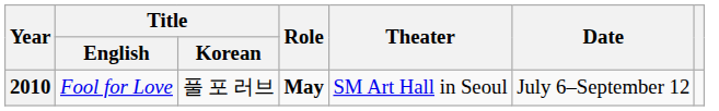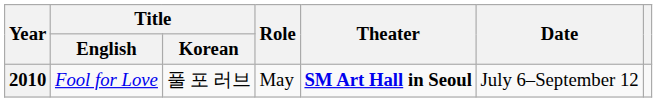 <table class="wikitable plainrowheaders">
 <tr>
 <th scope="col" rowspan="2">Year</th>
 <th scope="col" colspan="2">Title</th>
 <th scope="col" rowspan="2">Role</th>
 <th scope="col" rowspan="2">Theater</th>
 <th scope="col" rowspan="2">Date</th>
 <th scope="col" rowspan="2" class="unsortable"></th>
 </tr>
 <tr>
 <th>English</th>
 <th>Korean</th>
 </tr>
 <tr>
 <th scope="row">2010</th>
 <td><em><a href='#'>Fool for Love</a></em></td>
 <td>풀 포 러브</td>
-<td><strong>May</strong></td>
-<td><a href='#'>SM Art Hall</a> in Seoul</td>
+<td>May</td>
+<td><strong><a href='#'>SM Art Hall</a> in Seoul</strong></td>
 <td>July 6–September 12</td>
 <td></td>
 </tr>
 </table>
